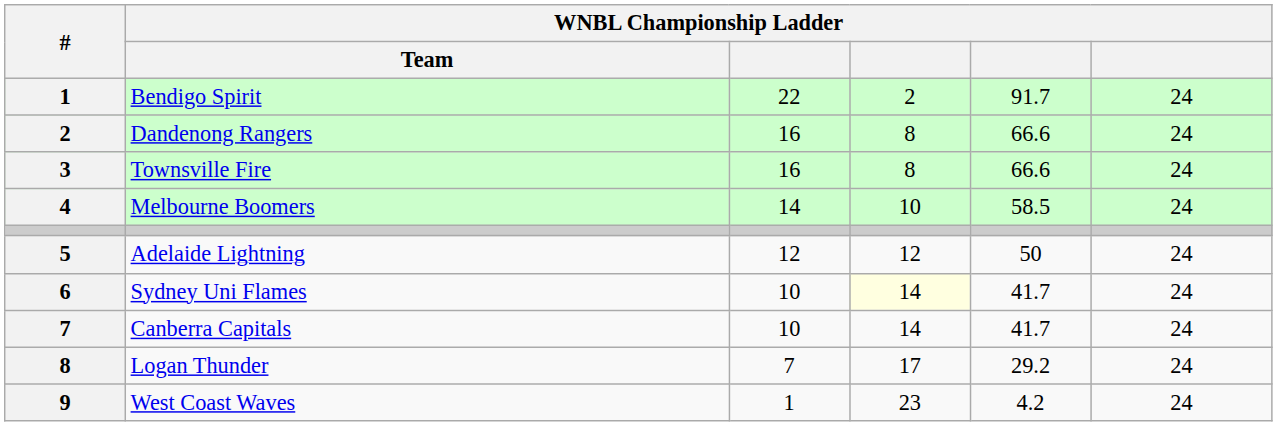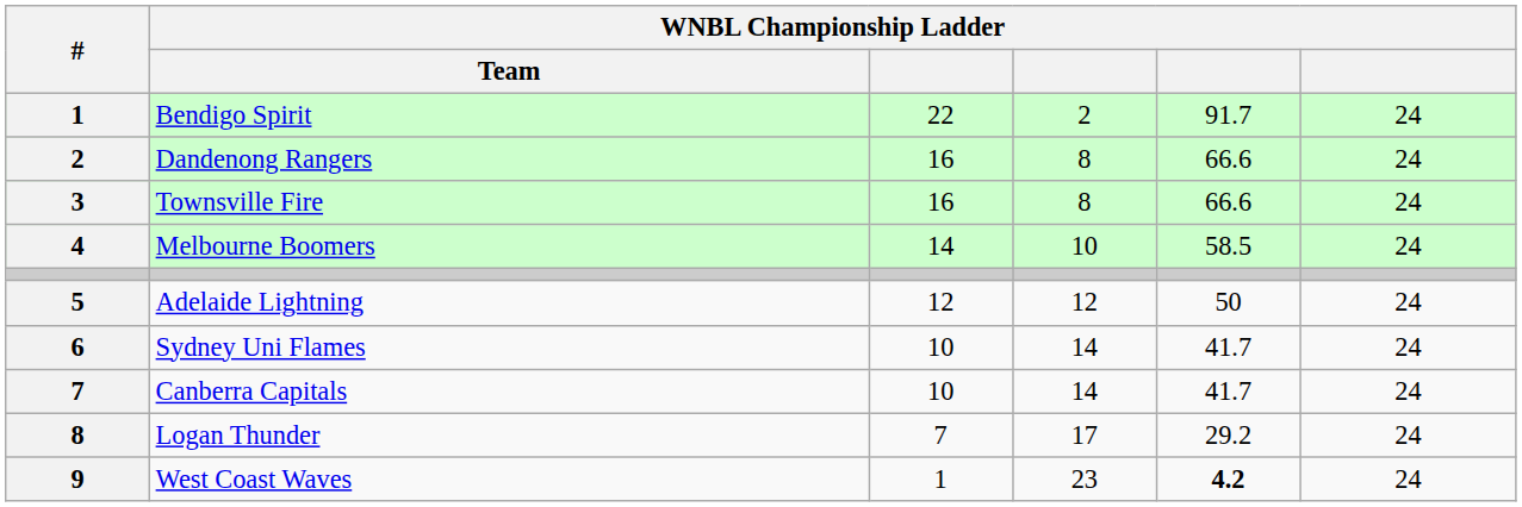 <table class="wikitable" width="43.5%" style="font-size:95%; text-align:center">
 <tr>
 <th width="5%" rowspan=2>#</th>
 <th colspan="6" align="center">WNBL Championship Ladder</th>
 </tr>
 <tr>
 <th width="25%">Team</th>
 <th width="5%"></th>
 <th width="5%"></th>
 <th width="5%"></th>
 <th width="7.5%"></th>
 </tr>
 <tr style="background-color:#CCFFCC">
 <th>1</th>
 <td style="text-align:left;"><a href='#'>Bendigo Spirit</a></td>
 <td>22</td>
 <td>2</td>
 <td>91.7</td>
 <td>24</td>
 </tr>
 <tr style="background-color:#CCFFCC">
 <th>2</th>
 <td style="text-align:left;"><a href='#'>Dandenong Rangers</a></td>
 <td>16</td>
 <td>8</td>
 <td>66.6</td>
 <td>24</td>
 </tr>
 <tr style="background-color:#CCFFCC">
 <th>3</th>
 <td style="text-align:left;"><a href='#'>Townsville Fire</a></td>
 <td>16</td>
 <td>8</td>
 <td>66.6</td>
 <td>24</td>
 </tr>
 <tr style="background-color:#CCFFCC">
 <th>4</th>
 <td style="text-align:left;"><a href='#'>Melbourne Boomers</a></td>
 <td>14</td>
 <td>10</td>
 <td>58.5</td>
 <td>24</td>
 </tr>
 <tr style="background-color:#cccccc;">
 <td></td>
 <td></td>
 <td></td>
 <td></td>
 <td></td>
 <td></td>
 </tr>
 <tr>
 <th>5</th>
 <td style="text-align:left;"><a href='#'>Adelaide Lightning</a></td>
 <td>12</td>
 <td>12</td>
 <td>50</td>
 <td>24</td>
 </tr>
 <tr>
 <th>6</th>
 <td style="text-align:left;"><a href='#'>Sydney Uni Flames</a></td>
 <td>10</td>
-<td style="background: lightyellow;">14</td>
+<td>14</td>
 <td>41.7</td>
 <td>24</td>
 </tr>
 <tr>
 <th>7</th>
 <td style="text-align:left;"><a href='#'>Canberra Capitals</a></td>
 <td>10</td>
 <td>14</td>
 <td>41.7</td>
 <td>24</td>
 </tr>
 <tr>
 <th>8</th>
 <td style="text-align:left;"><a href='#'>Logan Thunder</a></td>
 <td>7</td>
 <td>17</td>
 <td>29.2</td>
 <td>24</td>
 </tr>
 <tr>
 <th>9</th>
 <td style="text-align:left;"><a href='#'>West Coast Waves</a></td>
 <td>1</td>
 <td>23</td>
-<td>4.2</td>
+<td><strong>4.2</strong></td>
 <td>24</td>
 </tr>
 </table>
